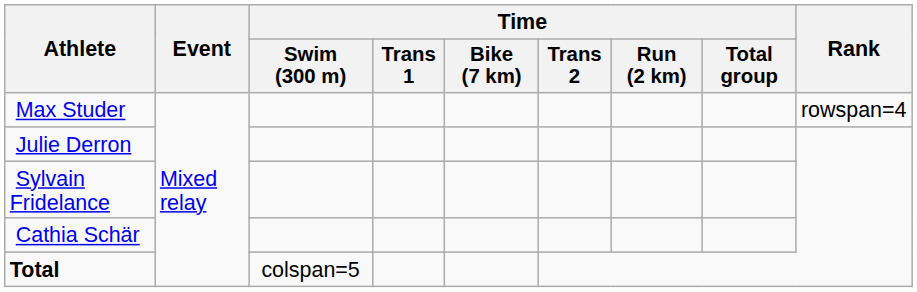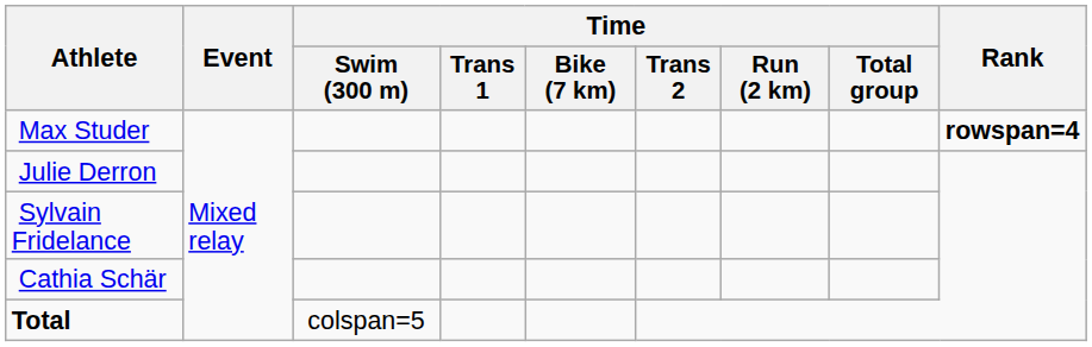 <table class="wikitable" style="font-size:90%;text-align:center;">
 <tr>
 <th rowspan=2>Athlete</th>
 <th rowspan=2>Event</th>
 <th colspan=6>Time</th>
 <th rowspan=2>Rank</th>
 </tr>
 <tr style="font-size:95%">
 <th>Swim (300 m)</th>
 <th>Trans 1</th>
 <th>Bike (7 km)</th>
 <th>Trans 2</th>
 <th>Run (2 km)</th>
 <th>Total group</th>
 </tr>
 <tr>
 <td align=left> <a href='#'>Max Studer</a></td>
 <td align=left rowspan=5><a href='#'>Mixed relay</a></td>
 <td></td>
 <td></td>
 <td></td>
 <td></td>
 <td></td>
 <td></td>
-<td>rowspan=4 </td>
+<td><strong>rowspan=4 </strong></td>
 </tr>
 <tr>
 <td align=left> <a href='#'>Julie Derron</a></td>
 <td></td>
 <td></td>
 <td></td>
 <td></td>
 <td></td>
 <td></td>
 </tr>
 <tr>
 <td align=left> <a href='#'>Sylvain Fridelance</a></td>
 <td></td>
 <td></td>
 <td></td>
 <td></td>
 <td></td>
 <td></td>
 </tr>
 <tr>
 <td align=left> <a href='#'>Cathia Schär</a></td>
 <td></td>
 <td></td>
 <td></td>
 <td></td>
 <td></td>
 <td></td>
 </tr>
 <tr align=center>
 <td align=left><strong>Total</strong></td>
 <td>colspan=5 </td>
 <td></td>
 <td></td>
 </tr>
 </table>
